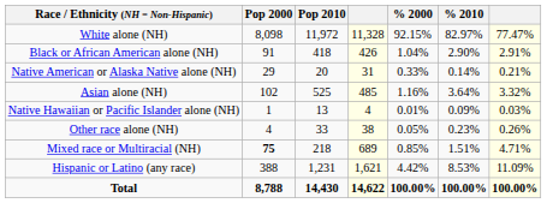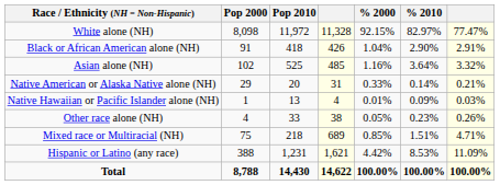 <table class="wikitable" style="text-align:center;">
 <tr>
 <th>Race / Ethnicity <small>(<em>NH = Non-Hispanic</em>)</small></th>
 <th>Pop 2000</th>
 <th>Pop 2010</th>
 <th></th>
 <th>% 2000</th>
 <th>% 2010</th>
 <th></th>
 </tr>
 <tr>
 <td><a href='#'>White</a> alone (NH)</td>
 <td>8,098</td>
 <td>11,972</td>
 <td style='background: #ffffe6;'>11,328</td>
 <td>92.15%</td>
 <td>82.97%</td>
 <td style='background: #ffffe6;'>77.47%</td>
 </tr>
 <tr>
 <td><a href='#'>Black or African American</a> alone (NH)</td>
 <td>91</td>
 <td>418</td>
 <td style='background: #ffffe6;'>426</td>
 <td>1.04%</td>
 <td>2.90%</td>
 <td style='background: #ffffe6;'>2.91%</td>
 </tr>
 <tr>
+<td><a href='#'>Asian</a> alone (NH)</td>
+<td>102</td>
+<td>525</td>
+<td style='background: #ffffe6;'>485</td>
+<td>1.16%</td>
+<td>3.64%</td>
+<td style='background: #ffffe6;'>3.32%</td>
+</tr>
+<tr>
 <td><a href='#'>Native American</a> or <a href='#'>Alaska Native</a> alone (NH)</td>
 <td>29</td>
 <td>20</td>
 <td style='background: #ffffe6;'>31</td>
 <td>0.33%</td>
 <td>0.14%</td>
 <td style='background: #ffffe6;'>0.21%</td>
-</tr>
-<tr>
-<td><a href='#'>Asian</a> alone (NH)</td>
-<td>102</td>
-<td>525</td>
-<td style='background: #ffffe6;'>485</td>
-<td>1.16%</td>
-<td>3.64%</td>
-<td style='background: #ffffe6;'>3.32%</td>
 </tr>
 <tr>
 <td><a href='#'>Native Hawaiian</a> or <a href='#'>Pacific Islander</a> alone (NH)</td>
 <td>1</td>
 <td>13</td>
 <td style='background: #ffffe6;'>4</td>
 <td>0.01%</td>
 <td>0.09%</td>
 <td style='background: #ffffe6;'>0.03%</td>
 </tr>
 <tr>
 <td><a href='#'>Other race</a> alone (NH)</td>
 <td>4</td>
 <td>33</td>
 <td style='background: #ffffe6;'>38</td>
 <td>0.05%</td>
 <td>0.23%</td>
 <td style='background: #ffffe6;'>0.26%</td>
 </tr>
 <tr>
 <td><a href='#'>Mixed race or Multiracial</a> (NH)</td>
-<td><strong>75</strong></td>
+<td>75</td>
 <td>218</td>
 <td style='background: #ffffe6;'>689</td>
 <td>0.85%</td>
 <td>1.51%</td>
 <td style='background: #ffffe6;'>4.71%</td>
 </tr>
 <tr>
 <td><a href='#'>Hispanic or Latino</a> (any race)</td>
 <td>388</td>
 <td>1,231</td>
 <td style='background: #ffffe6;'>1,621</td>
 <td>4.42%</td>
 <td>8.53%</td>
 <td style='background: #ffffe6;'>11.09%</td>
 </tr>
 <tr>
 <td><strong>Total</strong></td>
 <td><strong>8,788</strong></td>
 <td><strong>14,430</strong></td>
 <td style='background: #ffffe6;'><strong>14,622</strong></td>
 <td><strong>100.00%</strong></td>
 <td><strong>100.00%</strong></td>
 <td style='background: #ffffe6;'><strong>100.00%</strong></td>
 </tr>
 </table>
